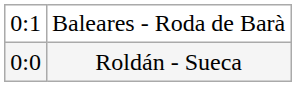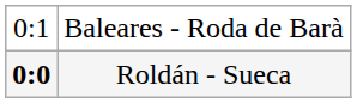 <table class="wikitable">
 <tr align=center bgcolor=white>
 <td>0:1</td>
 <td>Baleares - Roda de Barà</td>
 </tr>
 <tr align=center bgcolor=#F5F5F5>
-<td>0:0</td>
+<td><strong>0:0</strong></td>
 <td>Roldán - Sueca</td>
 </tr>
 </table>
